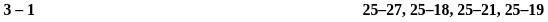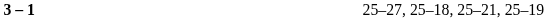 <table width=100% cellspacing=1>
 <tr>
 <th width=20%></th>
 <th width=12%></th>
 <th width=20%></th>
 <th width=33%></th>
 <td></td>
 </tr>
 <tr style=font-size:95%>
 <td align=right><strong></strong></td>
 <td align=center><strong>3 – 1</strong></td>
 <td></td>
-<td><strong>25–27, 25–18, 25–21, 25–19</strong></td>
+<td>25–27, 25–18, 25–21, 25–19</td>
 </tr>
 </table>
